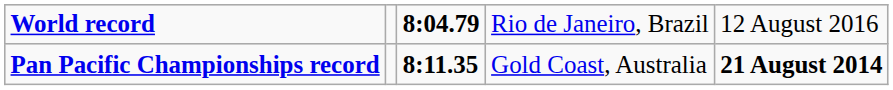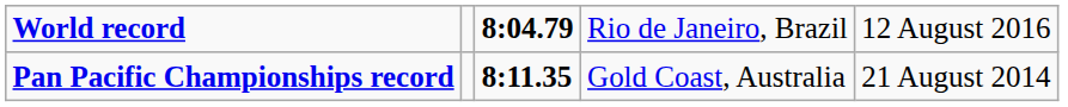 <table class="wikitable">
 <tr>
 <td><strong><a href='#'>World record</a></strong></td>
 <td></td>
 <td><strong>8:04.79</strong></td>
 <td><a href='#'>Rio de Janeiro</a>, Brazil</td>
 <td>12 August 2016</td>
 </tr>
 <tr>
 <td><strong><a href='#'>Pan Pacific Championships record</a></strong></td>
 <td></td>
 <td><strong>8:11.35</strong></td>
 <td><a href='#'>Gold Coast</a>, Australia</td>
-<td><strong>21 August 2014</strong></td>
+<td>21 August 2014</td>
 </tr>
 </table>
